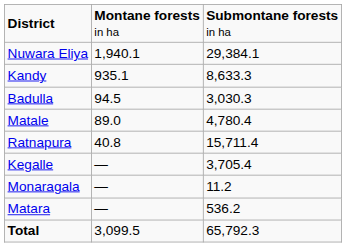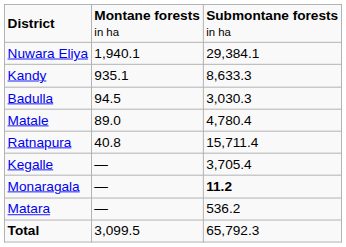 <table class="wikitable sortable" style="font-size:97%; text-align:left;">
 <tr>
 <td><strong>District</strong></td>
 <td><strong>Montane forests</strong><br><small>in ha</small></td>
 <td><strong>Submontane forests</strong><br><small>in ha</small></td>
 </tr>
 <tr>
 <td><a href='#'>Nuwara Eliya</a></td>
 <td>1,940.1</td>
 <td>29,384.1</td>
 </tr>
 <tr>
 <td><a href='#'>Kandy</a></td>
 <td>935.1</td>
 <td>8,633.3</td>
 </tr>
 <tr>
 <td><a href='#'>Badulla</a></td>
 <td>94.5</td>
 <td>3,030.3</td>
 </tr>
 <tr>
 <td><a href='#'>Matale</a></td>
 <td>89.0</td>
 <td>4,780.4</td>
 </tr>
 <tr>
 <td><a href='#'>Ratnapura</a></td>
 <td>40.8</td>
 <td>15,711.4</td>
 </tr>
 <tr>
 <td><a href='#'>Kegalle</a></td>
 <td>—</td>
 <td>3,705.4</td>
 </tr>
 <tr>
 <td><a href='#'>Monaragala</a></td>
 <td>—</td>
-<td>11.2</td>
+<td><strong>11.2</strong></td>
 </tr>
 <tr>
 <td><a href='#'>Matara</a></td>
 <td>—</td>
 <td>536.2</td>
 </tr>
 <tr>
 <td><strong>Total</strong></td>
 <td>3,099.5</td>
 <td>65,792.3</td>
 </tr>
 </table>
